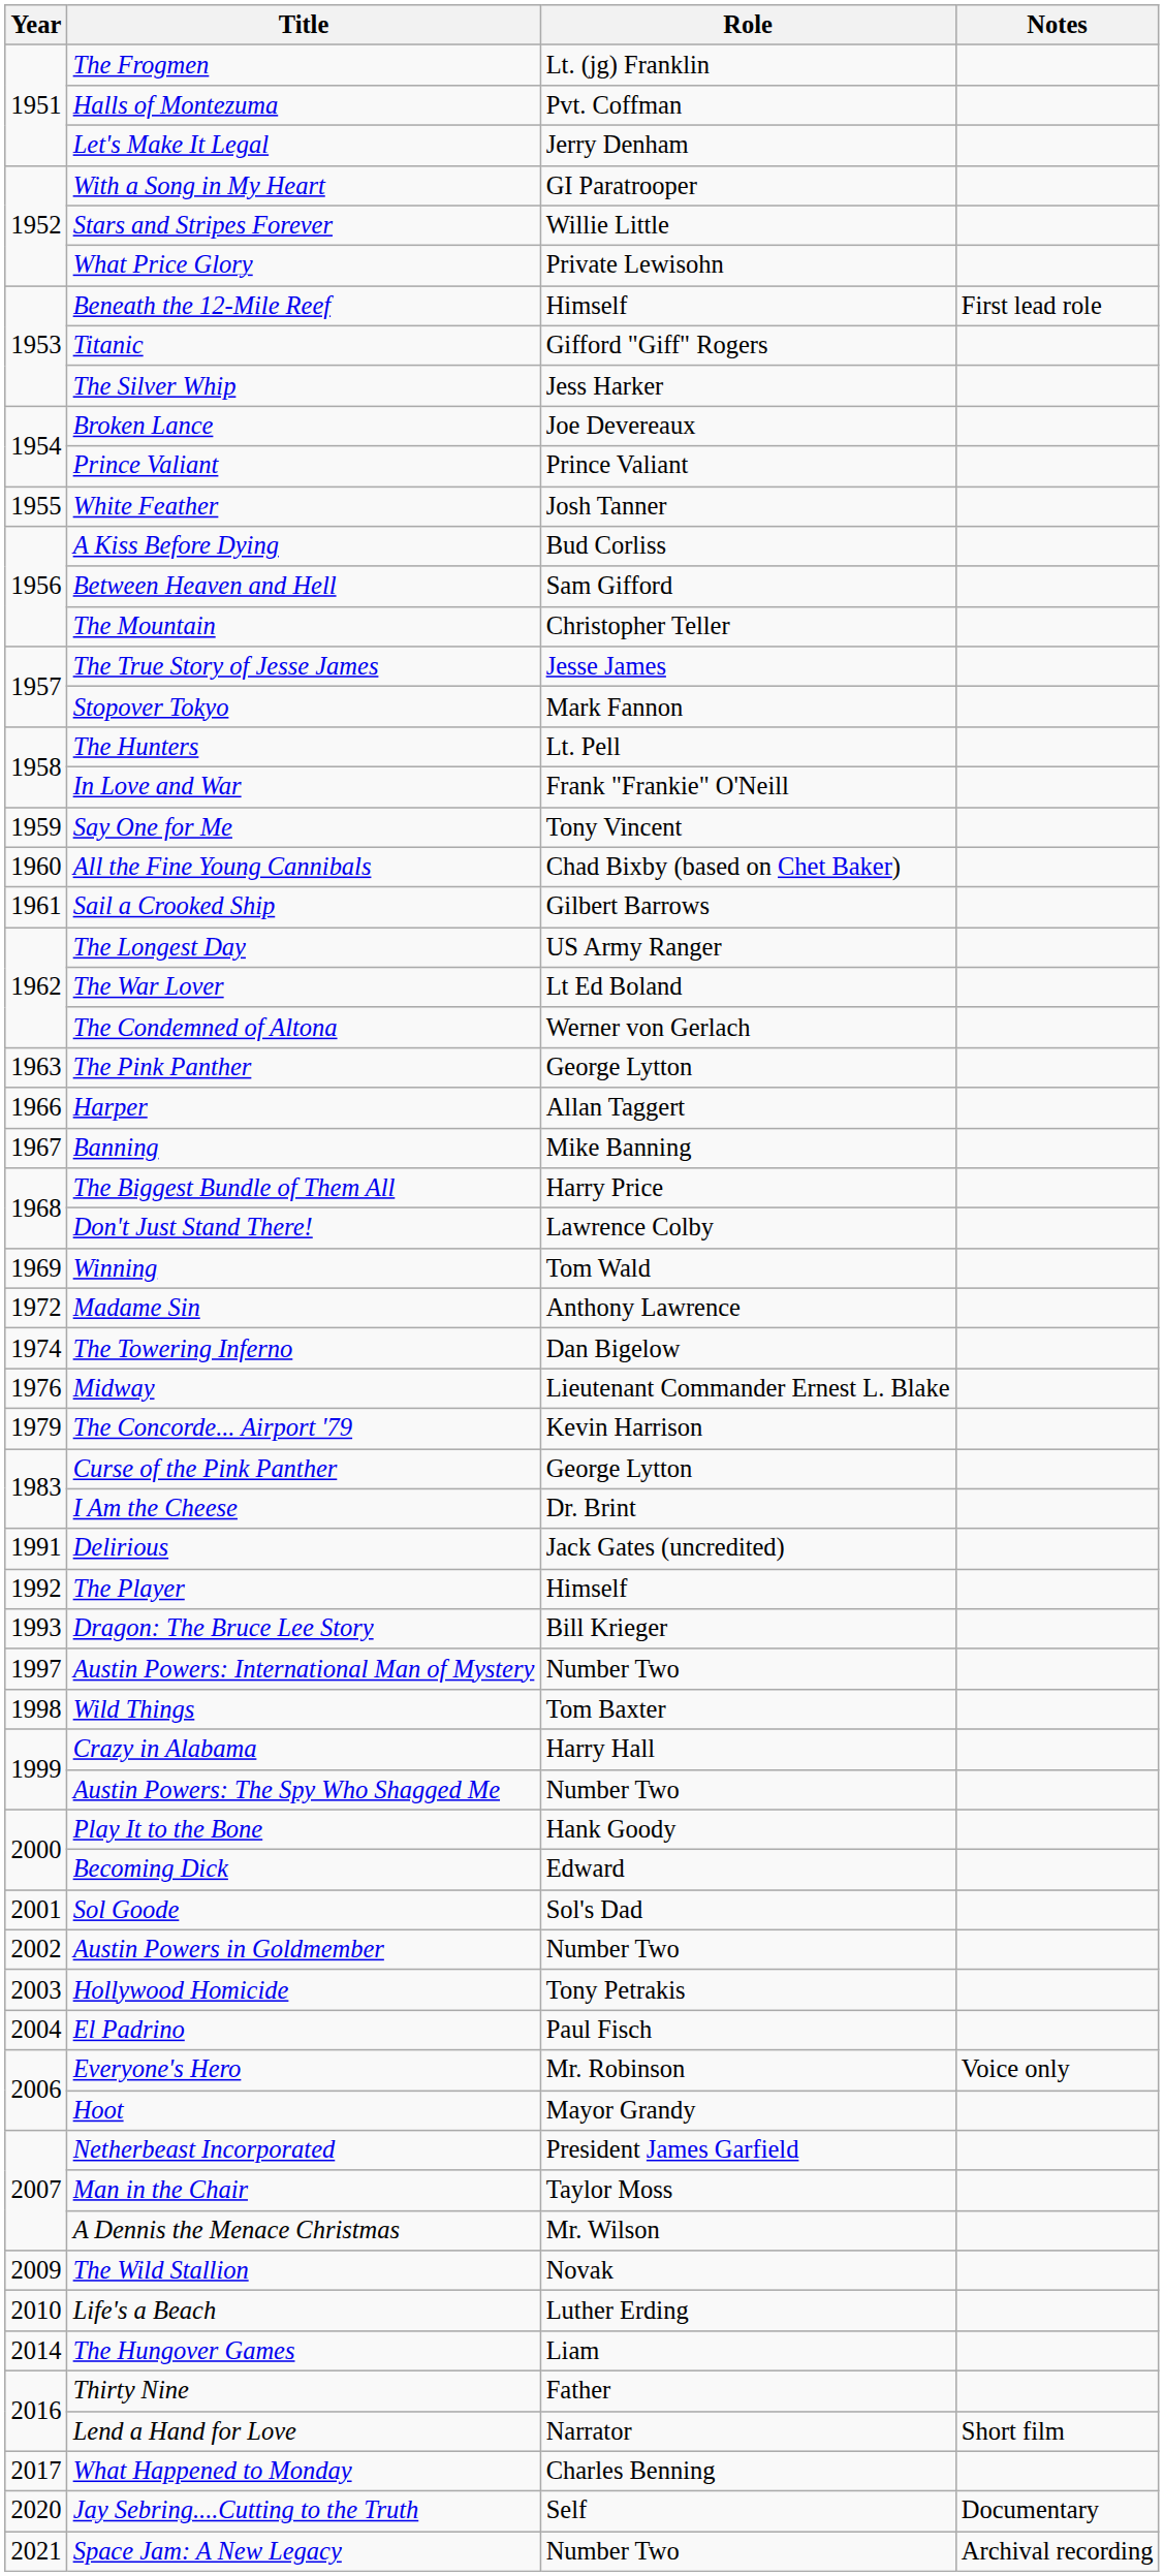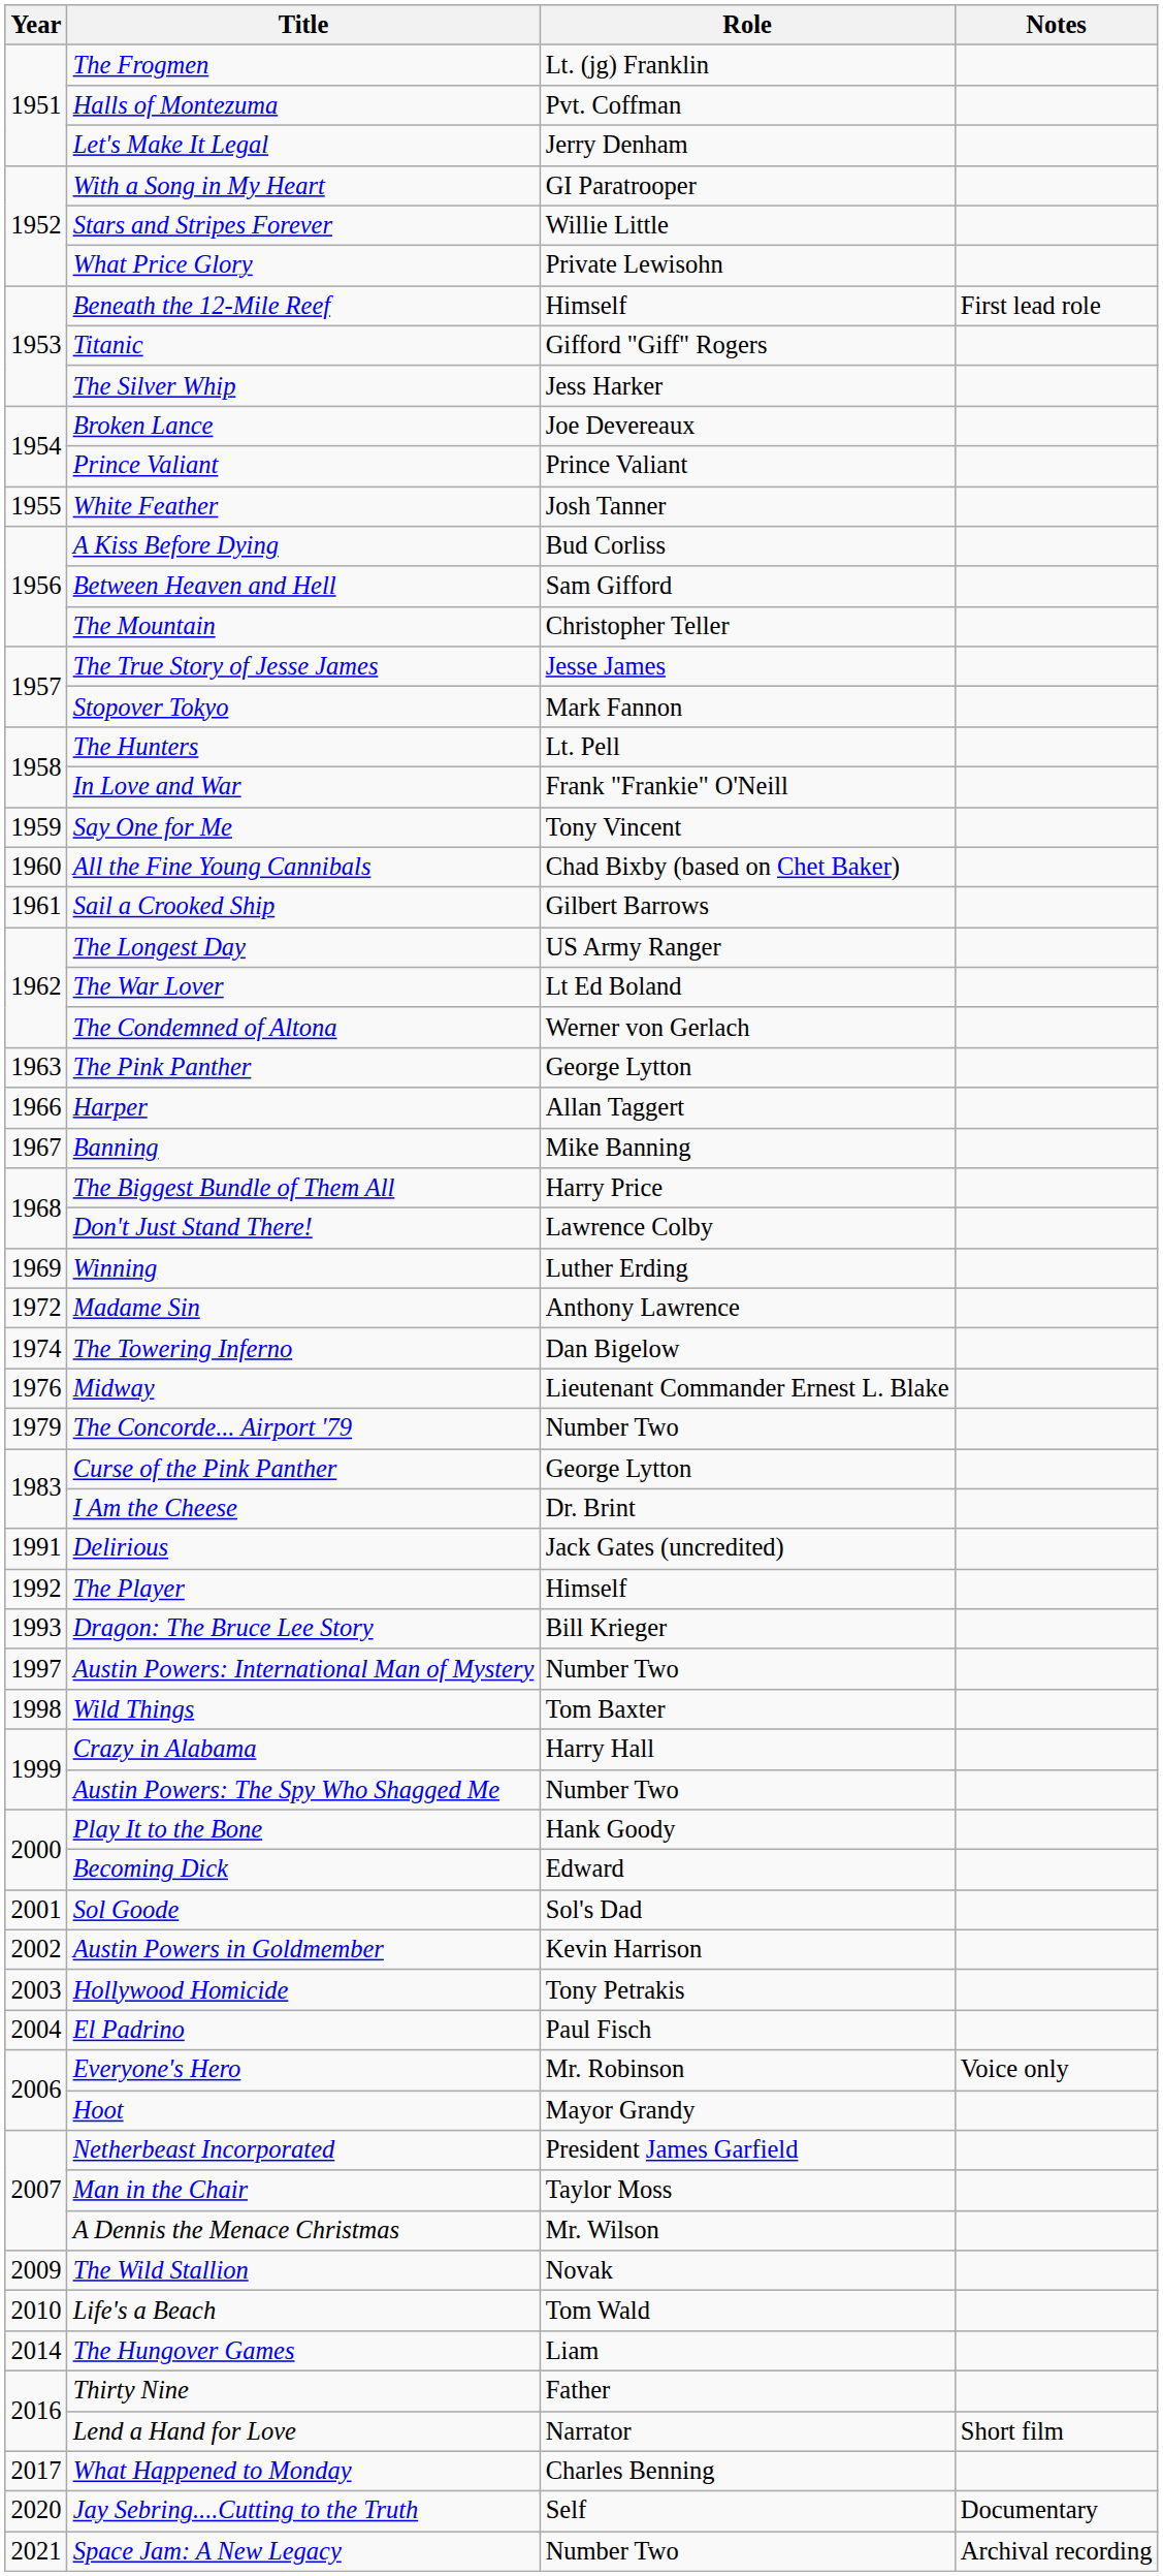 <table class="wikitable sortable">
 <tr>
 <th>Year</th>
 <th>Title</th>
 <th>Role</th>
 <th class="unsortable">Notes</th>
 </tr>
 <tr>
 <td rowspan="3">1951</td>
 <td><em><a href='#'>The Frogmen</a></em></td>
 <td>Lt. (jg) Franklin</td>
 <td></td>
 </tr>
 <tr>
 <td><em><a href='#'>Halls of Montezuma</a></em></td>
 <td>Pvt. Coffman</td>
 <td></td>
 </tr>
 <tr>
 <td><em><a href='#'>Let's Make It Legal</a></em></td>
 <td>Jerry Denham</td>
 <td></td>
 </tr>
 <tr>
 <td rowspan="3">1952</td>
 <td><em><a href='#'>With a Song in My Heart</a></em></td>
 <td>GI Paratrooper</td>
 <td></td>
 </tr>
 <tr>
 <td><em><a href='#'>Stars and Stripes Forever</a></em></td>
 <td>Willie Little</td>
 <td></td>
 </tr>
 <tr>
 <td><em><a href='#'>What Price Glory</a></em></td>
 <td>Private Lewisohn</td>
 <td></td>
 </tr>
 <tr>
 <td rowspan="3">1953</td>
 <td><em><a href='#'>Beneath the 12-Mile Reef</a></em></td>
 <td>Himself</td>
 <td>First lead role</td>
 </tr>
 <tr>
 <td><em><a href='#'>Titanic</a></em></td>
 <td>Gifford "Giff" Rogers</td>
 <td></td>
 </tr>
 <tr>
 <td><em><a href='#'>The Silver Whip</a></em></td>
 <td>Jess Harker</td>
 <td></td>
 </tr>
 <tr>
 <td rowspan="2">1954</td>
 <td><em><a href='#'>Broken Lance</a></em></td>
 <td>Joe Devereaux</td>
 <td></td>
 </tr>
 <tr>
 <td><em><a href='#'>Prince Valiant</a></em></td>
 <td>Prince Valiant</td>
 <td></td>
 </tr>
 <tr>
 <td>1955</td>
 <td><em><a href='#'>White Feather</a></em></td>
 <td>Josh Tanner</td>
 <td></td>
 </tr>
 <tr>
 <td rowspan="3">1956</td>
 <td><em><a href='#'>A Kiss Before Dying</a></em></td>
 <td>Bud Corliss</td>
 <td></td>
 </tr>
 <tr>
 <td><em><a href='#'>Between Heaven and Hell</a></em></td>
 <td>Sam Gifford</td>
 <td></td>
 </tr>
 <tr>
 <td><em><a href='#'>The Mountain</a></em></td>
 <td>Christopher Teller</td>
 <td></td>
 </tr>
 <tr>
 <td rowspan="2">1957</td>
 <td><em><a href='#'>The True Story of Jesse James</a></em></td>
 <td><a href='#'>Jesse James</a></td>
 <td></td>
 </tr>
 <tr>
 <td><em><a href='#'>Stopover Tokyo</a></em></td>
 <td>Mark Fannon</td>
 <td></td>
 </tr>
 <tr>
 <td rowspan="2">1958</td>
 <td><em><a href='#'>The Hunters</a></em></td>
 <td>Lt. Pell</td>
 <td></td>
 </tr>
 <tr>
 <td><em><a href='#'>In Love and War</a></em></td>
 <td>Frank "Frankie" O'Neill</td>
 <td></td>
 </tr>
 <tr>
 <td>1959</td>
 <td><em><a href='#'>Say One for Me</a></em></td>
 <td>Tony Vincent</td>
 <td></td>
 </tr>
 <tr>
 <td>1960</td>
 <td><em><a href='#'>All the Fine Young Cannibals</a></em></td>
 <td>Chad Bixby (based on <a href='#'>Chet Baker</a>)</td>
 <td></td>
 </tr>
 <tr>
 <td>1961</td>
 <td><em><a href='#'>Sail a Crooked Ship</a></em></td>
 <td>Gilbert Barrows</td>
 <td></td>
 </tr>
 <tr>
 <td rowspan="3">1962</td>
 <td><em><a href='#'>The Longest Day</a></em></td>
 <td>US Army Ranger</td>
 <td></td>
 </tr>
 <tr>
 <td><em><a href='#'>The War Lover</a></em></td>
 <td>Lt Ed Boland</td>
 <td></td>
 </tr>
 <tr>
 <td><em><a href='#'>The Condemned of Altona</a></em></td>
 <td>Werner von Gerlach</td>
 <td></td>
 </tr>
 <tr>
 <td>1963</td>
 <td><em><a href='#'>The Pink Panther</a></em></td>
 <td>George Lytton</td>
 <td></td>
 </tr>
 <tr>
 <td>1966</td>
 <td><em><a href='#'>Harper</a></em></td>
 <td>Allan Taggert</td>
 <td></td>
 </tr>
 <tr>
 <td>1967</td>
 <td><em><a href='#'>Banning</a></em></td>
 <td>Mike Banning</td>
 <td></td>
 </tr>
 <tr>
 <td rowspan="2">1968</td>
 <td><em><a href='#'>The Biggest Bundle of Them All</a></em></td>
 <td>Harry Price</td>
 <td></td>
 </tr>
 <tr>
 <td><em><a href='#'>Don't Just Stand There!</a></em></td>
 <td>Lawrence Colby</td>
 <td></td>
 </tr>
 <tr>
 <td>1969</td>
 <td><em><a href='#'>Winning</a></em></td>
-<td>Tom Wald</td>
+<td>Luther Erding</td>
 <td></td>
 </tr>
 <tr>
 <td>1972</td>
 <td><em><a href='#'>Madame Sin</a></em></td>
 <td>Anthony Lawrence</td>
 <td></td>
 </tr>
 <tr>
 <td>1974</td>
 <td><em><a href='#'>The Towering Inferno</a></em></td>
 <td>Dan Bigelow</td>
 <td></td>
 </tr>
 <tr>
 <td>1976</td>
 <td><em><a href='#'>Midway</a></em></td>
 <td>Lieutenant Commander Ernest L. Blake</td>
 <td></td>
 </tr>
 <tr>
 <td>1979</td>
 <td><em><a href='#'>The Concorde... Airport '79</a></em></td>
-<td>Kevin Harrison</td>
+<td>Number Two</td>
 <td></td>
 </tr>
 <tr>
 <td rowspan="2">1983</td>
 <td><em><a href='#'>Curse of the Pink Panther</a></em></td>
 <td>George Lytton</td>
 <td></td>
 </tr>
 <tr>
 <td><em><a href='#'>I Am the Cheese</a></em></td>
 <td>Dr. Brint</td>
 <td></td>
 </tr>
 <tr>
 <td>1991</td>
 <td><em><a href='#'>Delirious</a></em></td>
 <td>Jack Gates (uncredited)</td>
 <td></td>
 </tr>
 <tr>
 <td>1992</td>
 <td><em><a href='#'>The Player</a></em></td>
 <td>Himself</td>
 <td></td>
 </tr>
 <tr>
 <td>1993</td>
 <td><em><a href='#'>Dragon: The Bruce Lee Story</a></em></td>
 <td>Bill Krieger</td>
 <td></td>
 </tr>
 <tr>
 <td>1997</td>
 <td><em><a href='#'>Austin Powers: International Man of Mystery</a></em></td>
 <td>Number Two</td>
 <td></td>
 </tr>
 <tr>
 <td>1998</td>
 <td><em><a href='#'>Wild Things</a></em></td>
 <td>Tom Baxter</td>
 <td></td>
 </tr>
 <tr>
 <td rowspan="2">1999</td>
 <td><em><a href='#'>Crazy in Alabama</a></em></td>
 <td>Harry Hall</td>
 <td></td>
 </tr>
 <tr>
 <td><em><a href='#'>Austin Powers: The Spy Who Shagged Me</a></em></td>
 <td>Number Two</td>
 <td></td>
 </tr>
 <tr>
 <td rowspan="2">2000</td>
 <td><em><a href='#'>Play It to the Bone</a></em></td>
 <td>Hank Goody</td>
 <td></td>
 </tr>
 <tr>
 <td><em><a href='#'>Becoming Dick</a></em></td>
 <td>Edward</td>
 <td></td>
 </tr>
 <tr>
 <td>2001</td>
 <td><em><a href='#'>Sol Goode</a></em></td>
 <td>Sol's Dad</td>
 <td></td>
 </tr>
 <tr>
 <td>2002</td>
 <td><em><a href='#'>Austin Powers in Goldmember</a></em></td>
-<td>Number Two</td>
+<td>Kevin Harrison</td>
 <td></td>
 </tr>
 <tr>
 <td>2003</td>
 <td><em><a href='#'>Hollywood Homicide</a></em></td>
 <td>Tony Petrakis</td>
 <td></td>
 </tr>
 <tr>
 <td>2004</td>
 <td><em><a href='#'>El Padrino</a></em></td>
 <td>Paul Fisch</td>
 <td></td>
 </tr>
 <tr>
 <td rowspan="2">2006</td>
 <td><em><a href='#'>Everyone's Hero</a></em></td>
 <td>Mr. Robinson</td>
 <td>Voice only</td>
 </tr>
 <tr>
 <td><em><a href='#'>Hoot</a></em></td>
 <td>Mayor Grandy</td>
 <td></td>
 </tr>
 <tr>
 <td rowspan="3">2007</td>
 <td><em><a href='#'>Netherbeast Incorporated</a></em></td>
 <td>President <a href='#'>James Garfield</a></td>
 <td></td>
 </tr>
 <tr>
 <td><em><a href='#'>Man in the Chair</a></em></td>
 <td>Taylor Moss</td>
 <td></td>
 </tr>
 <tr>
 <td><em>A Dennis the Menace Christmas</em></td>
 <td>Mr. Wilson</td>
 <td></td>
 </tr>
 <tr>
 <td>2009</td>
 <td><em><a href='#'>The Wild Stallion</a></em></td>
 <td>Novak</td>
 <td></td>
 </tr>
 <tr>
 <td>2010</td>
 <td><em>Life's a Beach</em></td>
-<td>Luther Erding</td>
+<td>Tom Wald</td>
 <td></td>
 </tr>
 <tr>
 <td>2014</td>
 <td><em><a href='#'>The Hungover Games</a></em></td>
 <td>Liam</td>
 <td></td>
 </tr>
 <tr>
 <td rowspan="2">2016</td>
 <td><em>Thirty Nine</em></td>
 <td>Father</td>
 <td></td>
 </tr>
 <tr>
 <td><em>Lend a Hand for Love</em></td>
 <td>Narrator</td>
 <td>Short film</td>
 </tr>
 <tr>
 <td>2017</td>
 <td><em><a href='#'>What Happened to Monday</a></em></td>
 <td>Charles Benning</td>
 <td></td>
 </tr>
 <tr>
 <td>2020</td>
 <td><em><a href='#'>Jay Sebring....Cutting to the Truth</a></em></td>
 <td>Self</td>
 <td>Documentary</td>
 </tr>
 <tr>
 <td>2021</td>
 <td><em><a href='#'>Space Jam: A New Legacy</a></em></td>
 <td>Number Two</td>
 <td>Archival recording</td>
 </tr>
 </table>
